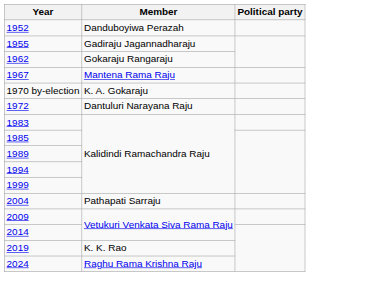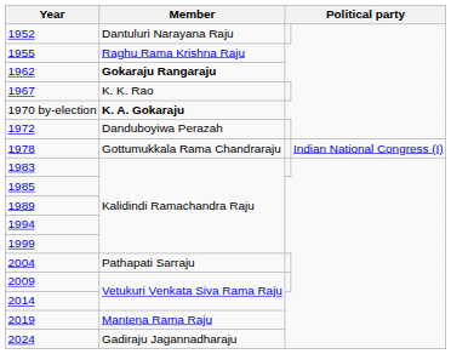 <table class="wikitable sortable">
 <tr>
 <th>Year</th>
 <th>Member</th>
 <th colspan="2">Political party</th>
 </tr>
 <tr>
 <td><a href='#'>1952</a></td>
+<td>Dantuluri Narayana Raju</td>
+<td></td>
+</tr>
+<tr>
+<td><a href='#'>1955</a></td>
+<td><a href='#'>Raghu Rama Krishna Raju</a></td>
+</tr>
+<tr>
+<td><a href='#'>1962</a></td>
+<td><strong>Gokaraju Rangaraju</strong></td>
+</tr>
+<tr>
+<td><a href='#'>1967</a></td>
+<td>K. K. Rao</td>
+<td></td>
+</tr>
+<tr>
+<td>1970 by-election</td>
+<td><strong>K. A. Gokaraju</strong></td>
+</tr>
+<tr>
+<td><a href='#'>1972</a></td>
 <td>Danduboyiwa Perazah</td>
 <td></td>
 </tr>
 <tr>
-<td><a href='#'>1955</a></td>
-<td>Gadiraju Jagannadharaju</td>
-</tr>
-<tr>
-<td><a href='#'>1962</a></td>
-<td>Gokaraju Rangaraju</td>
-</tr>
-<tr>
-<td><a href='#'>1967</a></td>
-<td><a href='#'>Mantena Rama Raju</a></td>
-<td></td>
-</tr>
-<tr>
-<td>1970 by-election</td>
-<td>K. A. Gokaraju</td>
-</tr>
-<tr>
-<td><a href='#'>1972</a></td>
-<td>Dantuluri Narayana Raju</td>
-<td></td>
+<td><a href='#'>1978</a></td>
+<td>Gottumukkala Rama Chandraraju</td>
+<td style="background-color: "></td>
+<td><a href='#'>Indian National Congress (I)</a></td>
 </tr>
 <tr>
 <td><a href='#'>1983</a></td>
 <td rowspan=5>Kalidindi Ramachandra Raju</td>
 <td></td>
 </tr>
 <tr>
 <td><a href='#'>1985</a></td>
 </tr>
 <tr>
 <td><a href='#'>1989</a></td>
 </tr>
 <tr>
 <td><a href='#'>1994</a></td>
 </tr>
 <tr>
 <td><a href='#'>1999</a></td>
 </tr>
 <tr>
 <td><a href='#'>2004</a></td>
 <td>Pathapati Sarraju</td>
 <td></td>
 </tr>
 <tr>
 <td><a href='#'>2009</a></td>
 <td rowspan=2><a href='#'>Vetukuri Venkata Siva Rama Raju</a></td>
 <td></td>
 </tr>
 <tr>
 <td><a href='#'>2014</a></td>
 </tr>
 <tr>
 <td><a href='#'>2019</a></td>
-<td>K. K. Rao</td>
+<td><a href='#'>Mantena Rama Raju</a></td>
 </tr>
 <tr>
 <td><a href='#'>2024</a></td>
-<td><a href='#'>Raghu Rama Krishna Raju</a></td>
+<td>Gadiraju Jagannadharaju</td>
 </tr>
 </table>
